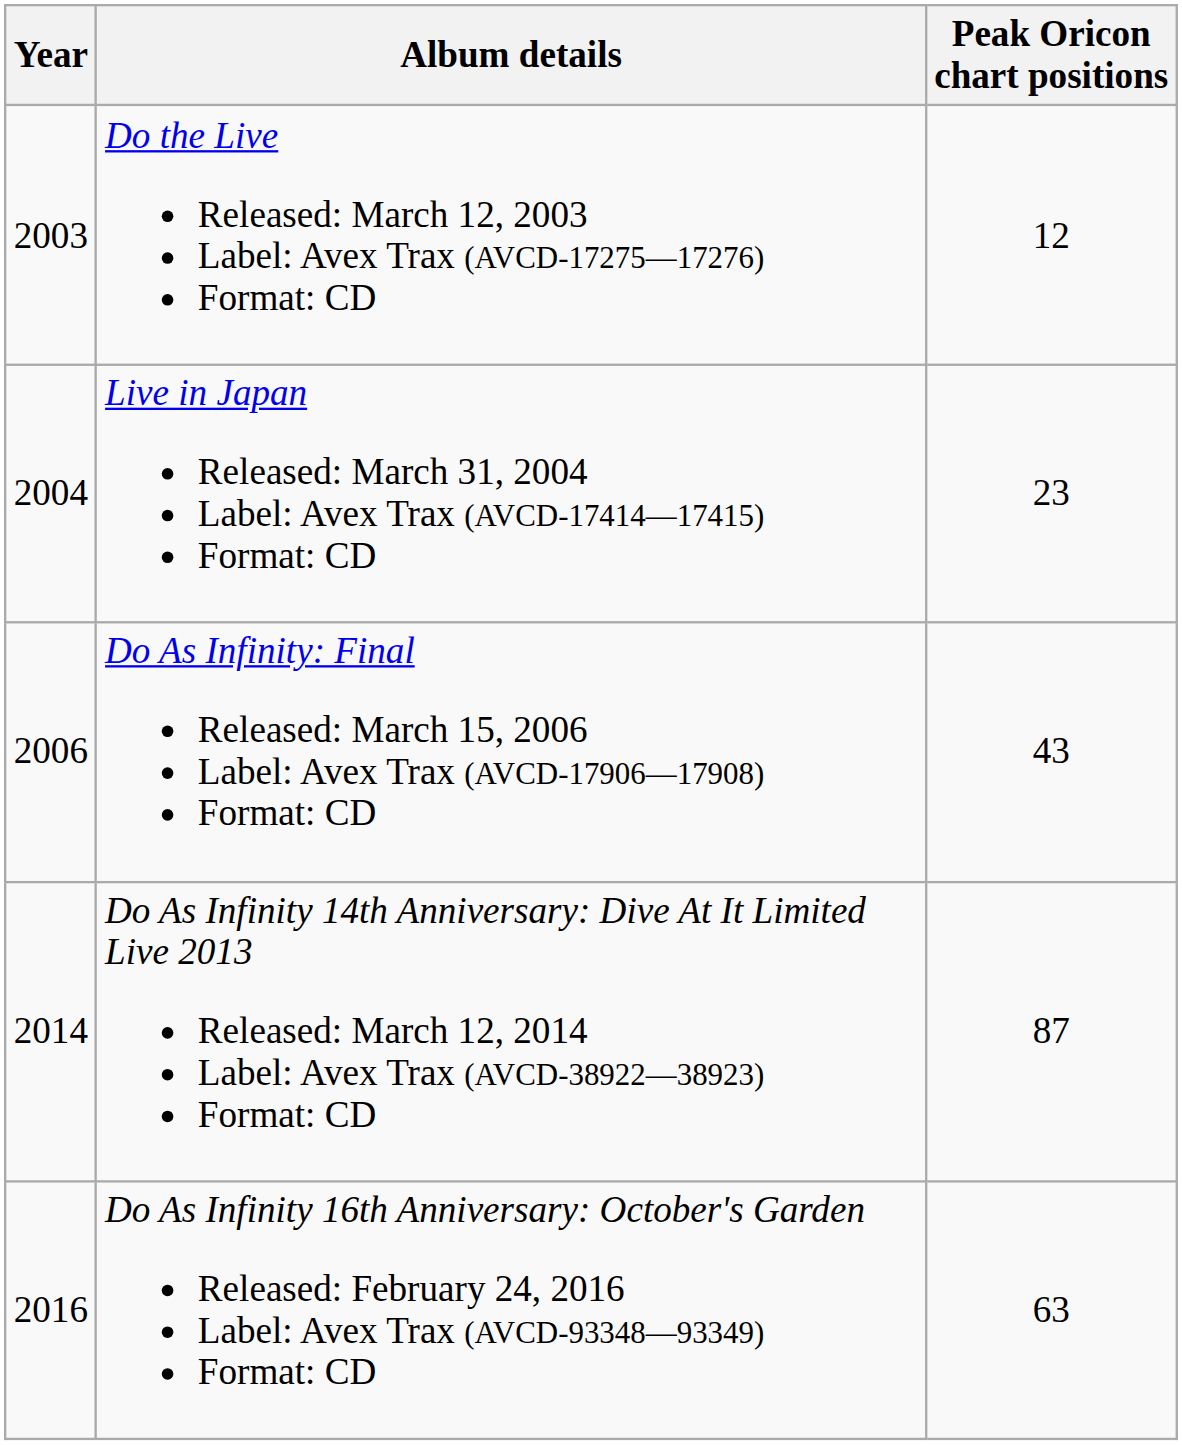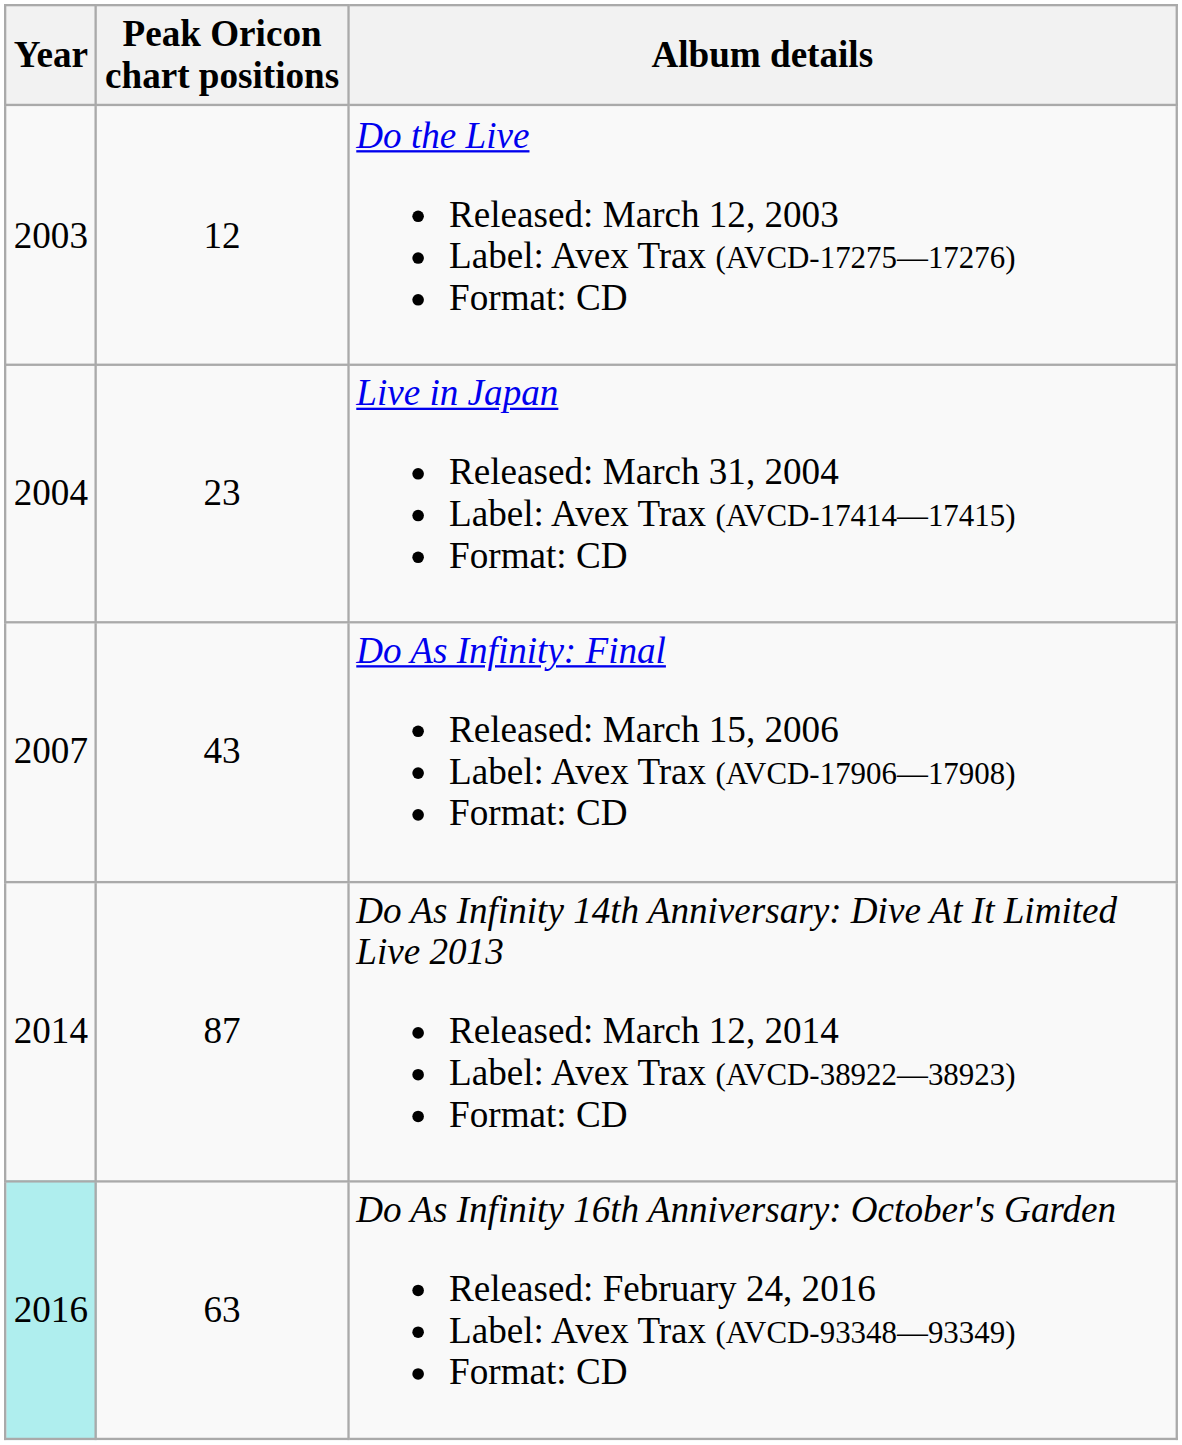 <table class="wikitable" border="1">
 <tr>
 <th rowspan="1">Year</th>
+<th colspan="1">Peak Oricon<br> chart positions</th>
 <th rowspan="1" width="350">Album details</th>
-<th colspan="1">Peak Oricon<br> chart positions</th>
 </tr>
 <tr>
 <td>2003</td>
+<td align="center">12</td>
 <td align="left"><em><a href='#'>Do the Live</a></em><br><ul><li>Released: March 12, 2003</li><li>Label: Avex Trax <small>(AVCD-17275—17276)</small></li><li>Format: CD</li></ul></td>
-<td align="center">12</td>
 </tr>
 <tr>
 <td>2004</td>
+<td align="center">23</td>
 <td align="left"><em><a href='#'>Live in Japan</a></em><br><ul><li>Released: March 31, 2004</li><li>Label: Avex Trax <small>(AVCD-17414—17415)</small></li><li>Format: CD</li></ul></td>
-<td align="center">23</td>
 </tr>
 <tr>
-<td>2006</td>
+<td>2007</td>
+<td align="center">43</td>
 <td align="left"><em><a href='#'>Do As Infinity: Final</a></em><br><ul><li>Released: March 15, 2006</li><li>Label: Avex Trax <small>(AVCD-17906—17908)</small></li><li>Format: CD</li></ul></td>
-<td align="center">43</td>
 </tr>
 <tr>
 <td>2014</td>
+<td align="center">87</td>
 <td align="left"><em>Do As Infinity 14th Anniversary: Dive At It Limited Live 2013</em><br><ul><li>Released: March 12, 2014</li><li>Label: Avex Trax <small>(AVCD-38922—38923)</small></li><li>Format: CD</li></ul></td>
-<td align="center">87</td>
 </tr>
 <tr>
-<td>2016</td>
+<td style="background: paleturquoise;">2016</td>
+<td align="center">63</td>
 <td align="left"><em>Do As Infinity 16th Anniversary: October's Garden</em><br><ul><li>Released: February 24, 2016</li><li>Label: Avex Trax <small>(AVCD-93348—93349)</small></li><li>Format: CD</li></ul></td>
-<td align="center">63</td>
 </tr>
 </table>
